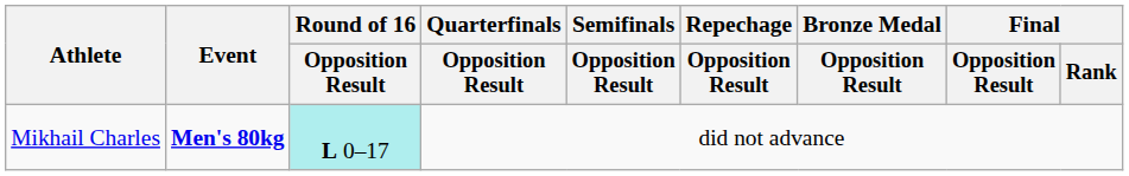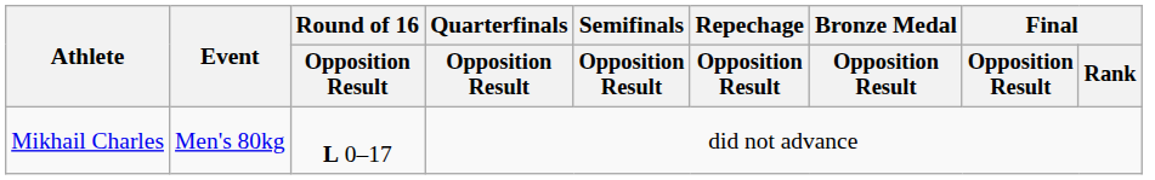 <table class="wikitable" style="font-size:90%">
 <tr>
 <th rowspan=2>Athlete</th>
 <th rowspan=2>Event</th>
 <th>Round of 16</th>
 <th>Quarterfinals</th>
 <th>Semifinals</th>
 <th>Repechage</th>
 <th>Bronze Medal</th>
 <th colspan=2>Final</th>
 </tr>
 <tr style="font-size:95%">
 <th>Opposition<br>Result</th>
 <th>Opposition<br>Result</th>
 <th>Opposition<br>Result</th>
 <th>Opposition<br>Result</th>
 <th>Opposition<br>Result</th>
 <th>Opposition<br>Result</th>
 <th>Rank</th>
 </tr>
 <tr align=center>
 <td align=left><a href='#'>Mikhail Charles</a></td>
-<td align=left><strong><a href='#'>Men's 80kg</a></strong></td>
-<td style="background: paleturquoise;"> <br> <strong>L</strong> 0–17</td>
+<td align=left><a href='#'>Men's 80kg</a></td>
+<td> <br> <strong>L</strong> 0–17</td>
 <td colspan="6">did not advance</td>
 </tr>
 </table>
